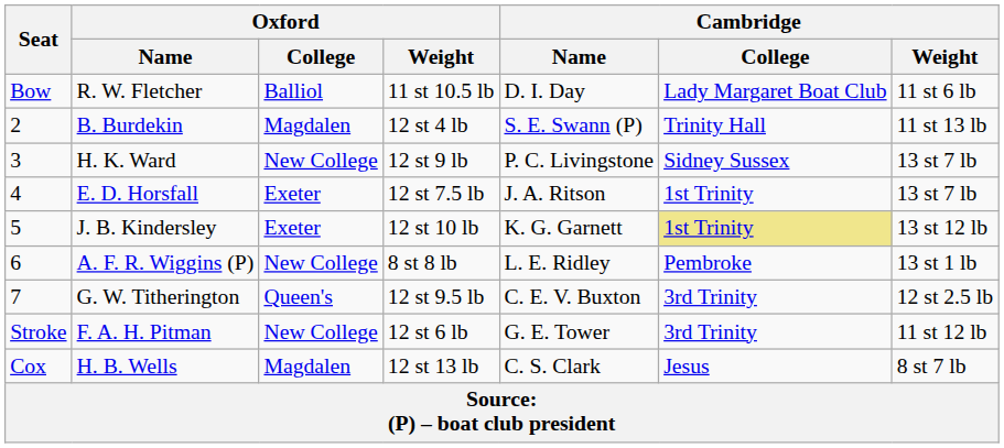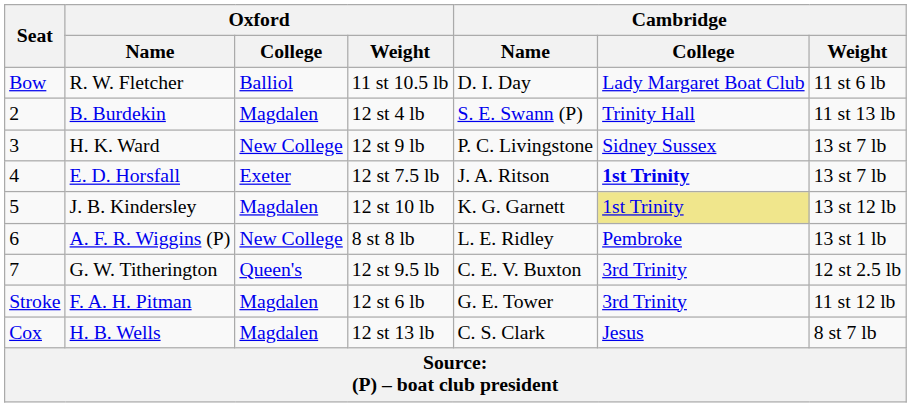 <table class="wikitable">
 <tr>
 <th rowspan="2" scope="col">Seat</th>
 <th colspan="3" scope="col">Oxford <br> </th>
 <th colspan="3" scope="col">Cambridge <br> </th>
 </tr>
 <tr>
 <th>Name</th>
 <th>College</th>
 <th>Weight</th>
 <th>Name</th>
 <th>College</th>
 <th>Weight</th>
 </tr>
 <tr>
 <td><a href='#'>Bow</a></td>
 <td>R. W. Fletcher</td>
 <td><a href='#'>Balliol</a></td>
 <td>11 st 10.5 lb</td>
 <td>D. I. Day</td>
 <td><a href='#'>Lady Margaret Boat Club</a></td>
 <td>11 st 6 lb</td>
 </tr>
 <tr>
 <td>2</td>
 <td><a href='#'>B. Burdekin</a></td>
 <td><a href='#'>Magdalen</a></td>
 <td>12 st 4 lb</td>
 <td><a href='#'>S. E. Swann</a> (P)</td>
 <td><a href='#'>Trinity Hall</a></td>
 <td>11 st 13 lb</td>
 </tr>
 <tr>
 <td>3</td>
 <td>H. K. Ward</td>
 <td><a href='#'>New College</a></td>
 <td>12 st 9 lb</td>
 <td>P. C. Livingstone</td>
 <td><a href='#'>Sidney Sussex</a></td>
 <td>13 st 7 lb</td>
 </tr>
 <tr>
 <td>4</td>
 <td><a href='#'>E. D. Horsfall</a></td>
 <td><a href='#'>Exeter</a></td>
 <td>12 st 7.5 lb</td>
 <td>J. A. Ritson</td>
-<td><a href='#'>1st Trinity</a></td>
+<td><strong><a href='#'>1st Trinity</a></strong></td>
 <td>13 st 7 lb</td>
 </tr>
 <tr>
 <td>5</td>
 <td>J. B. Kindersley</td>
-<td><a href='#'>Exeter</a></td>
+<td><a href='#'>Magdalen</a></td>
 <td>12 st 10 lb</td>
 <td>K. G. Garnett</td>
 <td style="background: khaki;"><a href='#'>1st Trinity</a></td>
 <td>13 st 12 lb</td>
 </tr>
 <tr>
 <td>6</td>
 <td><a href='#'>A. F. R. Wiggins</a> (P)</td>
 <td><a href='#'>New College</a></td>
 <td>8 st 8 lb</td>
 <td>L. E. Ridley</td>
 <td><a href='#'>Pembroke</a></td>
 <td>13 st 1 lb</td>
 </tr>
 <tr>
 <td>7</td>
 <td>G. W. Titherington</td>
 <td><a href='#'>Queen's</a></td>
 <td>12 st 9.5 lb</td>
 <td>C. E. V. Buxton</td>
 <td><a href='#'>3rd Trinity</a></td>
 <td>12 st 2.5 lb</td>
 </tr>
 <tr>
 <td><a href='#'>Stroke</a></td>
 <td><a href='#'>F. A. H. Pitman</a></td>
-<td><a href='#'>New College</a></td>
+<td><a href='#'>Magdalen</a></td>
 <td>12 st 6 lb</td>
 <td>G. E. Tower</td>
 <td><a href='#'>3rd Trinity</a></td>
 <td>11 st 12 lb</td>
 </tr>
 <tr>
 <td><a href='#'>Cox</a></td>
 <td><a href='#'>H. B. Wells</a></td>
 <td><a href='#'>Magdalen</a></td>
 <td>12 st 13 lb</td>
 <td>C. S. Clark</td>
 <td><a href='#'>Jesus</a></td>
 <td>8 st 7 lb</td>
 </tr>
 <tr>
 <th colspan="7">Source:<br>(P) – boat club president</th>
 </tr>
 </table>
